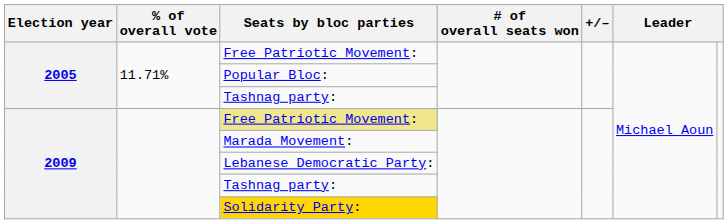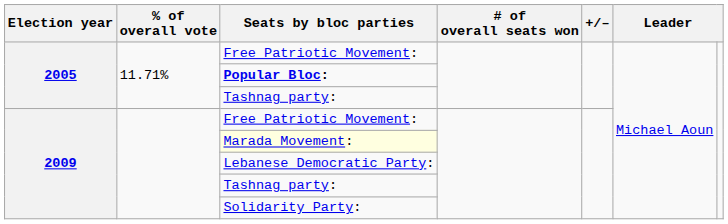 <table class="wikitable">
 <tr>
 <th>Election year</th>
 <th>% of<br>overall vote</th>
 <th>Seats by bloc parties</th>
 <th># of<br>overall seats won</th>
 <th>+/–</th>
 <th colspan="2">Leader</th>
 </tr>
 <tr>
 <th rowspan="3"><a href='#'>2005</a></th>
 <td rowspan="3">11.71%</td>
 <td><a href='#'>Free Patriotic Movement</a>:</td>
 <td rowspan="3"></td>
 <td rowspan="3"></td>
 <td rowspan="8"><a href='#'>Michael Aoun</a></td>
 <td rowspan="8"></td>
 </tr>
 <tr>
-<td><a href='#'>Popular Bloc</a>:</td>
+<td><strong><a href='#'>Popular Bloc</a>:</strong></td>
 </tr>
 <tr>
 <td><a href='#'>Tashnag party</a>:</td>
 </tr>
 <tr>
 <th rowspan="5"><a href='#'>2009</a></th>
 <td rowspan="5"></td>
-<td style="background: khaki;"><a href='#'>Free Patriotic Movement</a>:</td>
+<td><a href='#'>Free Patriotic Movement</a>:</td>
 <td rowspan="5"></td>
 <td rowspan="5"></td>
 </tr>
 <tr>
-<td><a href='#'>Marada Movement</a>:</td>
+<td style="background: lightyellow;"><a href='#'>Marada Movement</a>:</td>
 </tr>
 <tr>
 <td><a href='#'>Lebanese Democratic Party</a>:</td>
 </tr>
 <tr>
 <td><a href='#'>Tashnag party</a>:</td>
 </tr>
 <tr>
-<td style="background: gold;"><a href='#'>Solidarity Party</a>:</td>
+<td><a href='#'>Solidarity Party</a>:</td>
 </tr>
 </table>
